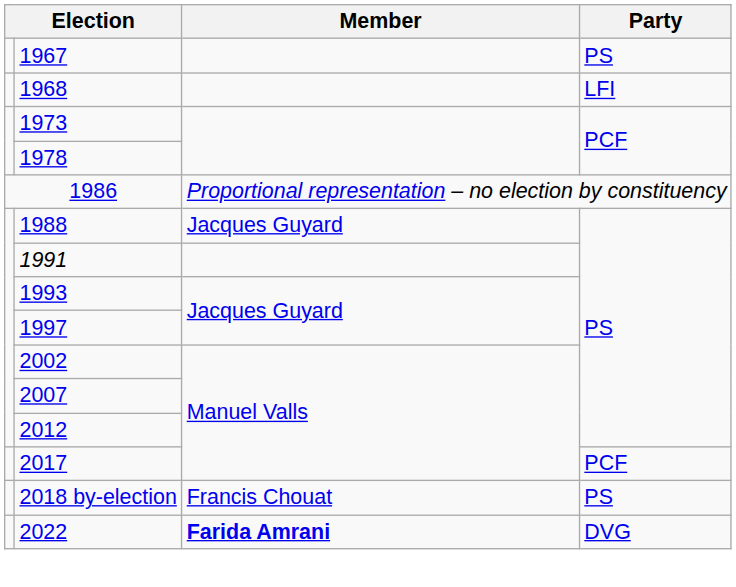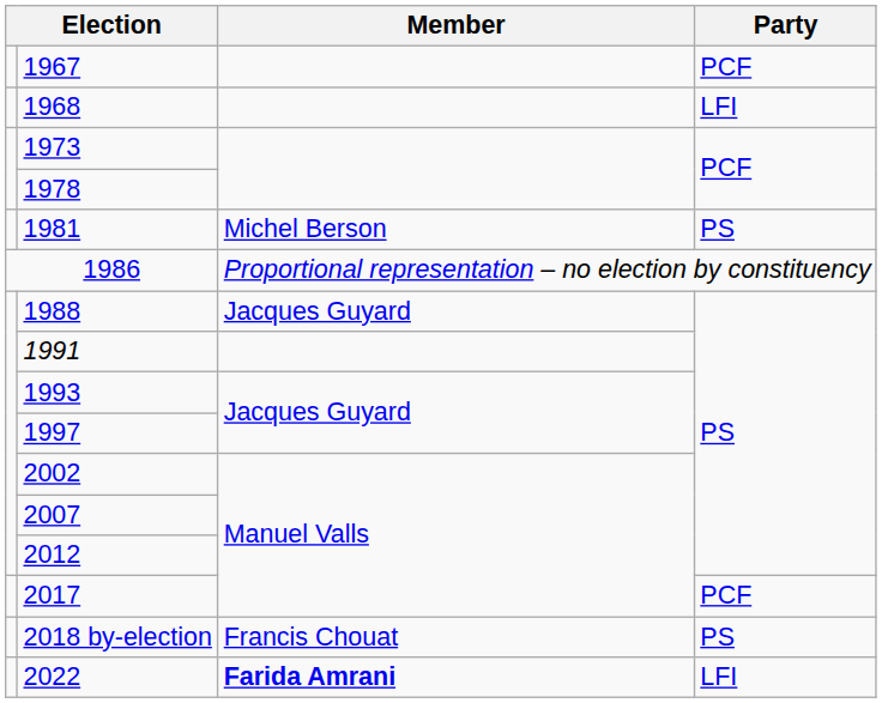 <table class="wikitable">
 <tr>
 <th colspan="2">Election</th>
 <th>Member</th>
 <th>Party</th>
 </tr>
 <tr>
 <td style="color:inherit;background-color: "></td>
 <td><a href='#'>1967</a></td>
 <td></td>
-<td><a href='#'>PS</a></td>
+<td><a href='#'>PCF</a></td>
 </tr>
 <tr>
 <td style="color:inherit;background-color: "></td>
 <td><a href='#'>1968</a></td>
 <td></td>
 <td><a href='#'>LFI</a></td>
 </tr>
 <tr>
 <td rowspan="2" style="color:inherit;background-color: "></td>
 <td><a href='#'>1973</a></td>
 <td rowspan="2"></td>
 <td rowspan="2"><a href='#'>PCF</a></td>
 </tr>
 <tr>
 <td><a href='#'>1978</a></td>
+</tr>
+<tr>
+<td style="color:inherit;background-color: "></td>
+<td><a href='#'>1981</a></td>
+<td><a href='#'>Michel Berson</a></td>
+<td><a href='#'>PS</a></td>
 </tr>
 <tr>
 <td colspan="2" align="center"><a href='#'>1986</a></td>
 <td colspan="2"><em><a href='#'>Proportional representation</a> – no election by constituency</em></td>
 </tr>
 <tr>
 <td rowspan="7" style="color:inherit;background-color: "></td>
 <td><a href='#'>1988</a></td>
 <td><a href='#'>Jacques Guyard</a></td>
 <td rowspan="7"><a href='#'>PS</a></td>
 </tr>
 <tr>
 <td><em>1991</em></td>
 <td></td>
 </tr>
 <tr>
 <td><a href='#'>1993</a></td>
 <td rowspan="2"><a href='#'>Jacques Guyard</a></td>
 </tr>
 <tr>
 <td><a href='#'>1997</a></td>
 </tr>
 <tr>
 <td><a href='#'>2002</a></td>
 <td rowspan="4"><a href='#'>Manuel Valls</a></td>
 </tr>
 <tr>
 <td><a href='#'>2007</a></td>
 </tr>
 <tr>
 <td><a href='#'>2012</a></td>
 </tr>
 <tr>
 <td style="color:inherit;background-color:"></td>
 <td><a href='#'>2017</a></td>
 <td><a href='#'>PCF</a></td>
 </tr>
 <tr>
 <td style="color:inherit;background-color:"></td>
 <td><a href='#'>2018 by-election</a></td>
 <td><a href='#'>Francis Chouat</a></td>
 <td><a href='#'>PS</a></td>
 </tr>
 <tr>
 <td style="color:inherit;background-color:"></td>
 <td><a href='#'>2022</a></td>
 <td><strong><a href='#'>Farida Amrani</a></strong></td>
-<td><a href='#'>DVG</a></td>
+<td><a href='#'>LFI</a></td>
 </tr>
 </table>
